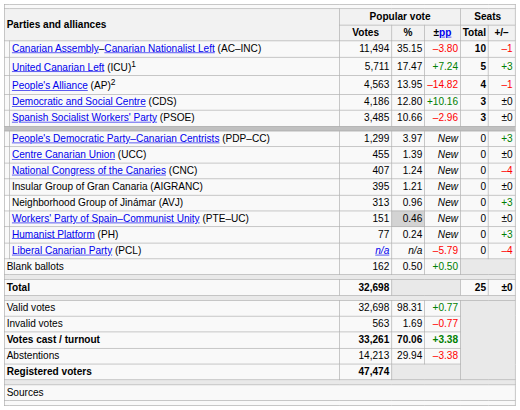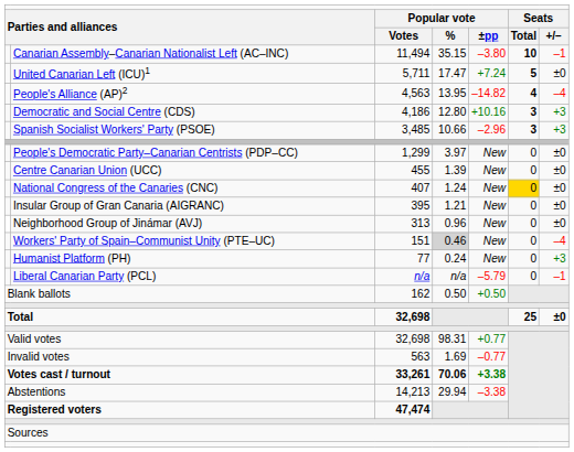 <table class="wikitable" style="text-align:right;">
 <tr>
 <td colspan="7"></td>
 </tr>
 <tr>
 <th style="text-align:left;" rowspan="2" colspan="2" width="525">Parties and alliances</th>
 <th colspan="3">Popular vote</th>
 <th colspan="2">Seats</th>
 </tr>
 <tr>
 <th width="75">Votes</th>
 <th width="45">%</th>
 <th width="45">±<a href='#'>pp</a></th>
 <th width="35">Total</th>
 <th width="35">+/−</th>
 </tr>
 <tr>
 <td width="1" style="color:inherit;background:"></td>
 <td align="left"><a href='#'>Canarian Assembly</a>–<a href='#'>Canarian Nationalist Left</a> (AC–INC)</td>
 <td>11,494</td>
 <td>35.15</td>
 <td style="color:red;">–3.80</td>
 <td><strong>10</strong></td>
 <td style="color:red;">–1</td>
 </tr>
 <tr>
 <td style="color:inherit;background:"></td>
 <td align="left"><a href='#'>United Canarian Left</a> (ICU)<sup>1</sup></td>
 <td>5,711</td>
 <td>17.47</td>
 <td style="color:green;">+7.24</td>
 <td><strong>5</strong></td>
-<td style="color:green;">+3</td>
+<td>±0</td>
 </tr>
 <tr>
 <td style="color:inherit;background:"></td>
 <td align="left"><a href='#'>People's Alliance</a> (AP)<sup>2</sup></td>
 <td>4,563</td>
 <td>13.95</td>
 <td style="color:red;">–14.82</td>
 <td><strong>4</strong></td>
-<td style="color:red;">–1</td>
+<td style="color:red;">–4</td>
 </tr>
 <tr>
 <td style="color:inherit;background:"></td>
 <td align="left"><a href='#'>Democratic and Social Centre</a> (CDS)</td>
 <td>4,186</td>
 <td>12.80</td>
 <td style="color:green;">+10.16</td>
 <td><strong>3</strong></td>
-<td>±0</td>
+<td style="color:green;">+3</td>
 </tr>
 <tr>
 <td style="color:inherit;background:"></td>
 <td align="left"><a href='#'>Spanish Socialist Workers' Party</a> (PSOE)</td>
 <td>3,485</td>
 <td>10.66</td>
 <td style="color:red;">–2.96</td>
 <td><strong>3</strong></td>
-<td>±0</td>
+<td style="color:green;">+3</td>
 </tr>
 <tr>
 <td colspan="7" bgcolor="#C0C0C0"></td>
 </tr>
 <tr>
 <td style="color:inherit;background:"></td>
 <td align="left"><a href='#'>People's Democratic Party–Canarian Centrists</a> (PDP–CC)</td>
 <td>1,299</td>
 <td>3.97</td>
 <td><em>New</em></td>
 <td>0</td>
-<td style="color:green;">+3</td>
+<td>±0</td>
 </tr>
 <tr>
 <td style="color:inherit;background:"></td>
 <td align="left"><a href='#'>Centre Canarian Union</a> (UCC)</td>
 <td>455</td>
 <td>1.39</td>
 <td><em>New</em></td>
 <td>0</td>
 <td>±0</td>
 </tr>
 <tr>
 <td style="color:inherit;background:"></td>
 <td align="left"><a href='#'>National Congress of the Canaries</a> (CNC)</td>
 <td>407</td>
 <td>1.24</td>
 <td><em>New</em></td>
-<td>0</td>
-<td style="color:red;">–4</td>
+<td style="background: gold;">0</td>
+<td>±0</td>
 </tr>
 <tr>
 <td style="color:inherit;background:"></td>
 <td align="left">Insular Group of Gran Canaria (AIGRANC)</td>
 <td>395</td>
 <td>1.21</td>
 <td><em>New</em></td>
 <td>0</td>
 <td>±0</td>
 </tr>
 <tr>
 <td bgcolor="white"></td>
 <td align="left">Neighborhood Group of Jinámar (AVJ)</td>
 <td>313</td>
 <td>0.96</td>
 <td><em>New</em></td>
 <td>0</td>
-<td style="color:green;">+3</td>
+<td>±0</td>
 </tr>
 <tr>
 <td style="color:inherit;background:"></td>
 <td align="left"><a href='#'>Workers' Party of Spain–Communist Unity</a> (PTE–UC)</td>
 <td>151</td>
 <td style="background: lightgrey;">0.46</td>
 <td><em>New</em></td>
 <td>0</td>
-<td>±0</td>
+<td style="color:red;">–4</td>
 </tr>
 <tr>
 <td style="color:inherit;background:"></td>
 <td align="left"><a href='#'>Humanist Platform</a> (PH)</td>
 <td>77</td>
 <td>0.24</td>
 <td><em>New</em></td>
 <td>0</td>
 <td style="color:green;">+3</td>
 </tr>
 <tr>
 <td style="color:inherit;background:"></td>
 <td align="left"><a href='#'>Liberal Canarian Party</a> (PCL)</td>
 <td><em><a href='#'>n/a</a></em></td>
 <td><em>n/a</em></td>
 <td style="color:red;">–5.79</td>
 <td>0</td>
-<td style="color:red;">–4</td>
+<td style="color:red;">–1</td>
 </tr>
 <tr>
 <td align="left" colspan="2">Blank ballots</td>
 <td>162</td>
 <td>0.50</td>
 <td style="color:green;">+0.50</td>
 <td bgcolor="#E9E9E9" colspan="2"></td>
 </tr>
 <tr>
 <td colspan="7" bgcolor="#E9E9E9"></td>
 </tr>
 <tr style="font-weight:bold;">
 <td align="left" colspan="2">Total</td>
 <td>32,698</td>
 <td bgcolor="#E9E9E9" colspan="2"></td>
 <td>25</td>
 <td>±0</td>
 </tr>
 <tr>
 <td colspan="7" bgcolor="#E9E9E9"></td>
 </tr>
 <tr>
 <td align="left" colspan="2">Valid votes</td>
 <td>32,698</td>
 <td>98.31</td>
 <td style="color:green;">+0.77</td>
 <td bgcolor="#E9E9E9" colspan="2" rowspan="5"></td>
 </tr>
 <tr>
 <td align="left" colspan="2">Invalid votes</td>
 <td>563</td>
 <td>1.69</td>
 <td style="color:red;">–0.77</td>
 </tr>
 <tr style="font-weight:bold;">
 <td align="left" colspan="2">Votes cast / turnout</td>
 <td>33,261</td>
 <td>70.06</td>
 <td style="color:green;">+3.38</td>
 </tr>
 <tr>
 <td align="left" colspan="2">Abstentions</td>
 <td>14,213</td>
 <td>29.94</td>
 <td style="color:red;">–3.38</td>
 </tr>
 <tr style="font-weight:bold;">
 <td align="left" colspan="2">Registered voters</td>
 <td>47,474</td>
 <td bgcolor="#E9E9E9" colspan="2"></td>
 </tr>
 <tr>
 <td colspan="7" bgcolor="#E9E9E9"></td>
 </tr>
 <tr>
 <td align="left" colspan="7">Sources</td>
 </tr>
 <tr>
 <td colspan="7" style="text-align:left; max-width:790px;"></td>
 </tr>
 </table>
